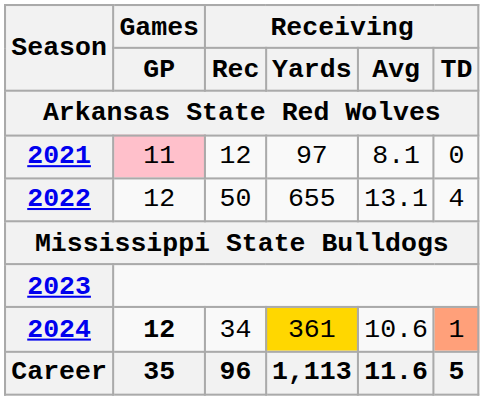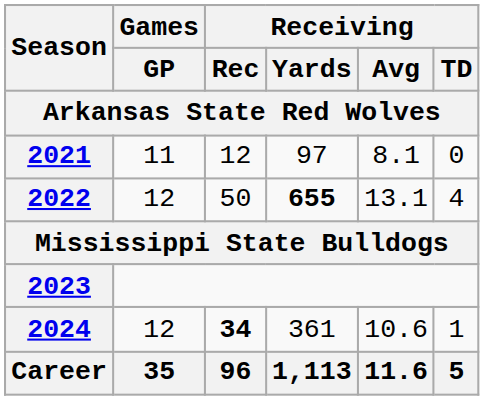 <table class="wikitable" style="text-align:center;">
 <tr>
 <th rowspan="2">Season</th>
 <th>Games</th>
 <th colspan="4">Receiving</th>
 </tr>
 <tr>
 <th>GP</th>
 <th>Rec</th>
 <th>Yards</th>
 <th>Avg</th>
 <th>TD</th>
 </tr>
 <tr>
 <th colspan="6">Arkansas State Red Wolves</th>
 </tr>
 <tr>
 <th><a href='#'>2021</a></th>
-<td style="background: pink;">11</td>
+<td>11</td>
 <td>12</td>
 <td>97</td>
 <td>8.1</td>
 <td>0</td>
 </tr>
 <tr>
 <th><a href='#'>2022</a></th>
 <td>12</td>
 <td>50</td>
-<td>655</td>
+<td><strong>655</strong></td>
 <td>13.1</td>
 <td>4</td>
 </tr>
 <tr>
 <th colspan="6">Mississippi State Bulldogs</th>
 </tr>
 <tr>
 <th><a href='#'>2023</a></th>
 <td colspan="6"></td>
 </tr>
 <tr>
 <th><a href='#'>2024</a></th>
-<td><strong>12</strong></td>
-<td>34</td>
-<td style="background: gold;">361</td>
+<td>12</td>
+<td><strong>34</strong></td>
+<td>361</td>
 <td>10.6</td>
-<td style="background: lightsalmon;">1</td>
+<td>1</td>
 </tr>
 <tr>
 <th>Career</th>
 <th>35</th>
 <th>96</th>
 <th>1,113</th>
 <th>11.6</th>
 <th>5</th>
 </tr>
 </table>
